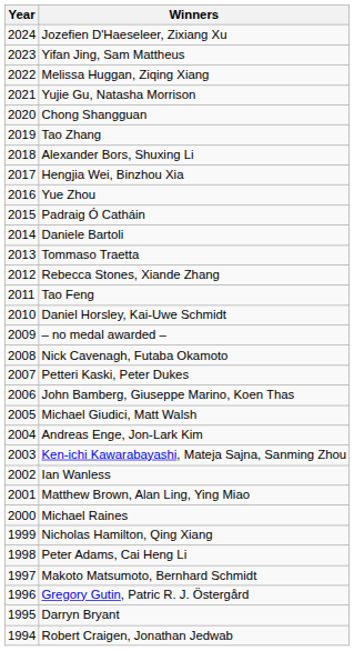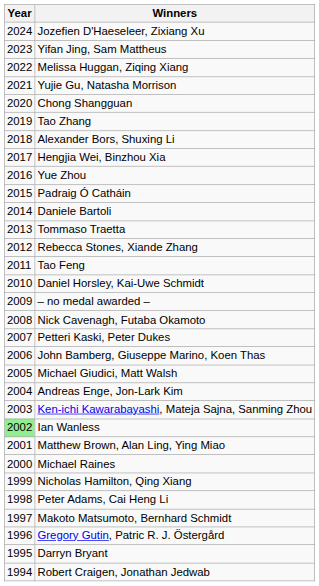 <table class="wikitable">
 <tr>
 <th>Year</th>
 <th>Winners</th>
 </tr>
 <tr>
 <td>2024</td>
 <td>Jozefien D'Haeseleer, Zixiang Xu</td>
 </tr>
 <tr>
 <td>2023</td>
 <td>Yifan Jing, Sam Mattheus</td>
 </tr>
 <tr>
 <td>2022</td>
 <td>Melissa Huggan, Ziqing Xiang</td>
 </tr>
 <tr>
 <td>2021</td>
 <td>Yujie Gu, Natasha Morrison</td>
 </tr>
 <tr>
 <td>2020</td>
 <td>Chong Shangguan</td>
 </tr>
 <tr>
 <td>2019</td>
 <td>Tao Zhang</td>
 </tr>
 <tr>
 <td>2018</td>
 <td>Alexander Bors, Shuxing Li</td>
 </tr>
 <tr>
 <td>2017</td>
 <td>Hengjia Wei, Binzhou Xia</td>
 </tr>
 <tr>
 <td>2016</td>
 <td>Yue Zhou</td>
 </tr>
 <tr>
 <td>2015</td>
 <td>Padraig Ó Catháin</td>
 </tr>
 <tr>
 <td>2014</td>
 <td>Daniele Bartoli</td>
 </tr>
 <tr>
 <td>2013</td>
 <td>Tommaso Traetta</td>
 </tr>
 <tr>
 <td>2012</td>
 <td>Rebecca Stones, Xiande Zhang</td>
 </tr>
 <tr>
 <td>2011</td>
 <td>Tao Feng</td>
 </tr>
 <tr>
 <td>2010</td>
 <td>Daniel Horsley, Kai-Uwe Schmidt</td>
 </tr>
 <tr>
 <td>2009</td>
 <td>– no medal awarded –</td>
 </tr>
 <tr>
 <td>2008</td>
 <td>Nick Cavenagh, Futaba Okamoto</td>
 </tr>
 <tr>
 <td>2007</td>
 <td>Petteri Kaski, Peter Dukes</td>
 </tr>
 <tr>
 <td>2006</td>
 <td>John Bamberg, Giuseppe Marino, Koen Thas</td>
 </tr>
 <tr>
 <td>2005</td>
 <td>Michael Giudici, Matt Walsh</td>
 </tr>
 <tr>
 <td>2004</td>
 <td>Andreas Enge, Jon-Lark Kim</td>
 </tr>
 <tr>
 <td>2003</td>
 <td><a href='#'>Ken-ichi Kawarabayashi</a>, Mateja Sajna, Sanming Zhou</td>
 </tr>
 <tr>
-<td>2002</td>
+<td style="background: lightgreen;">2002</td>
 <td>Ian Wanless</td>
 </tr>
 <tr>
 <td>2001</td>
 <td>Matthew Brown, Alan Ling, Ying Miao</td>
 </tr>
 <tr>
 <td>2000</td>
 <td>Michael Raines</td>
 </tr>
 <tr>
 <td>1999</td>
 <td>Nicholas Hamilton, Qing Xiang</td>
 </tr>
 <tr>
 <td>1998</td>
 <td>Peter Adams, Cai Heng Li</td>
 </tr>
 <tr>
 <td>1997</td>
 <td>Makoto Matsumoto, Bernhard Schmidt</td>
 </tr>
 <tr>
 <td>1996</td>
 <td><a href='#'>Gregory Gutin</a>, Patric R. J. Östergård</td>
 </tr>
 <tr>
 <td>1995</td>
 <td>Darryn Bryant</td>
 </tr>
 <tr>
 <td>1994</td>
 <td>Robert Craigen, Jonathan Jedwab</td>
 </tr>
 </table>
